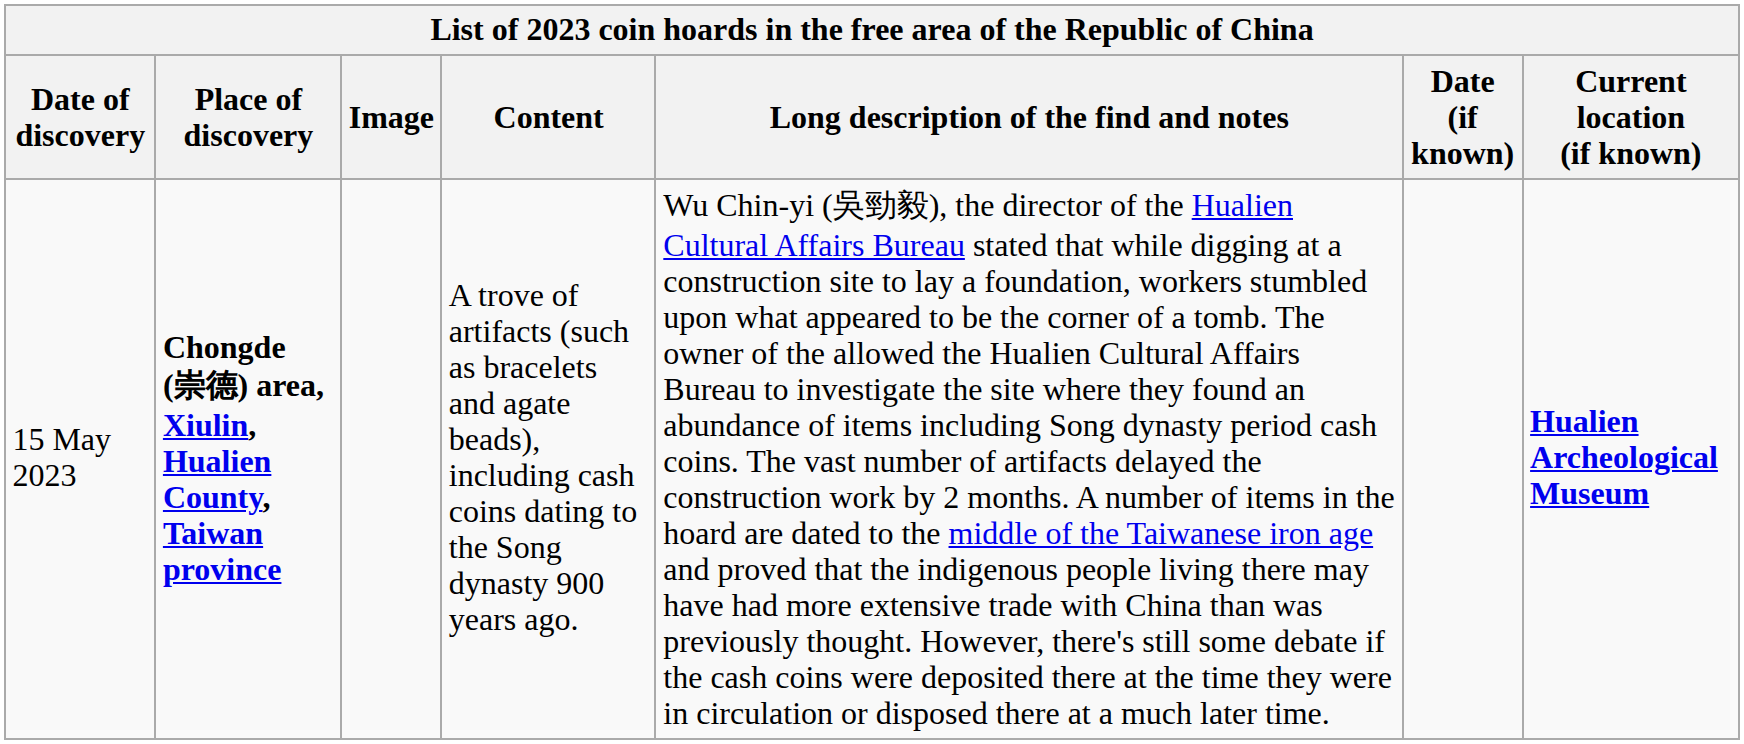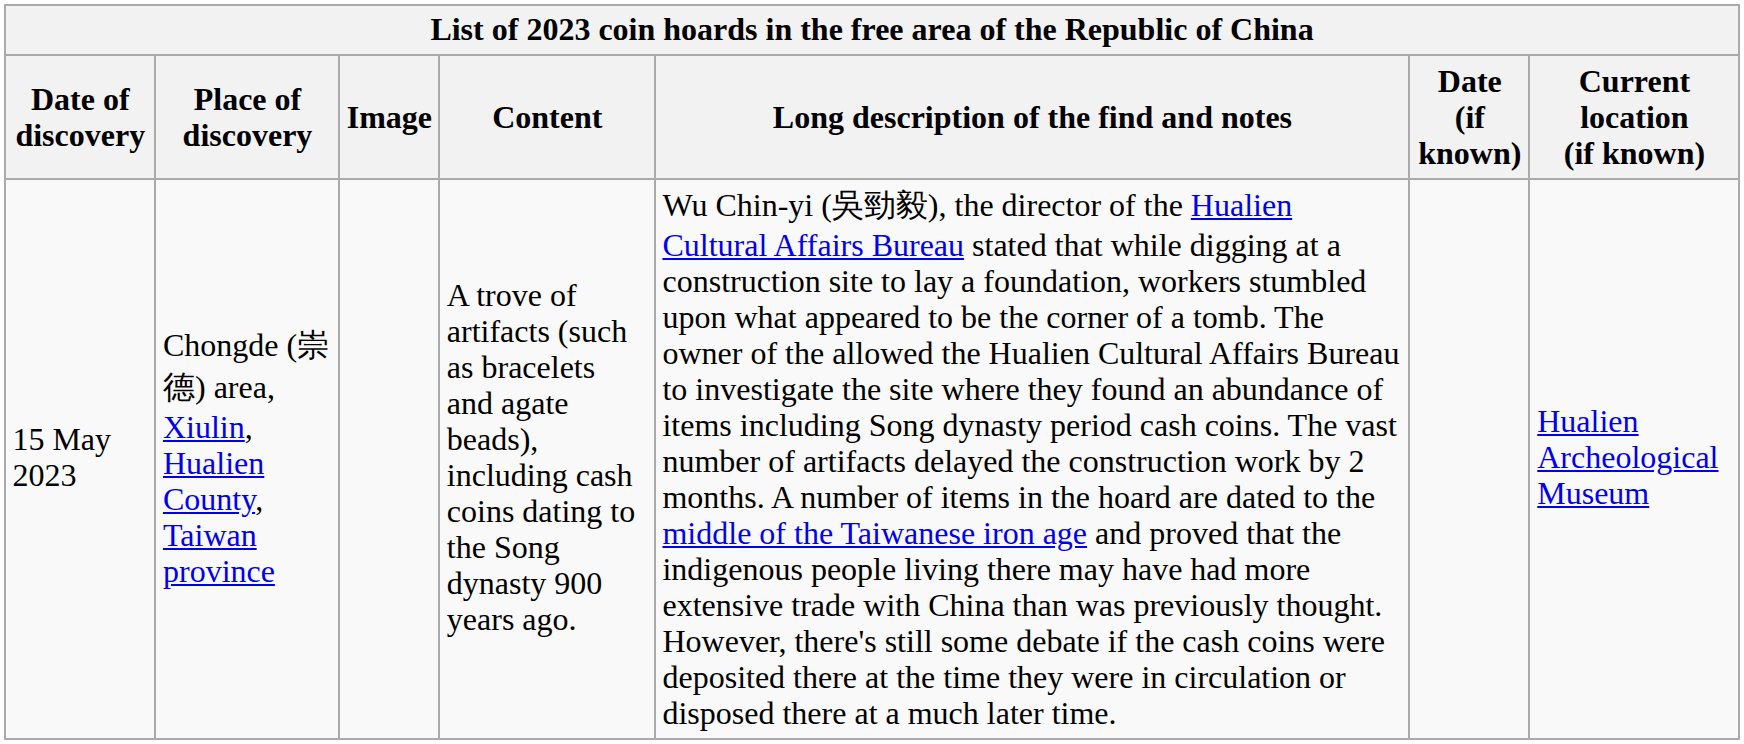 <table class="wikitable" style="font-size: 100%">
 <tr>
 <th colspan=7>List of 2023 coin hoards in the free area of the Republic of China</th>
 </tr>
 <tr>
 <th>Date of discovery</th>
 <th>Place of discovery</th>
 <th>Image</th>
 <th>Content</th>
 <th>Long description of the find and notes</th>
 <th>Date<br>(if known)</th>
 <th>Current location<br>(if known)</th>
 </tr>
 <tr>
 <td>15 May 2023</td>
-<td><strong>Chongde (崇德) area, <a href='#'>Xiulin</a>, <a href='#'>Hualien County</a>, <a href='#'>Taiwan province</a></strong></td>
+<td>Chongde (崇德) area, <a href='#'>Xiulin</a>, <a href='#'>Hualien County</a>, <a href='#'>Taiwan province</a></td>
 <td></td>
 <td>A trove of artifacts (such as bracelets and agate beads), including cash coins dating to the Song dynasty 900 years ago.</td>
 <td>Wu Chin-yi (吳勁毅), the director of the <a href='#'>Hualien Cultural Affairs Bureau</a> stated that while digging at a construction site to lay a foundation, workers stumbled upon what appeared to be the corner of a tomb. The owner of the allowed the Hualien Cultural Affairs Bureau to investigate the site where they found an abundance of items including Song dynasty period cash coins. The vast number of artifacts delayed the construction work by 2 months. A number of items in the hoard are dated to the <a href='#'>middle of the Taiwanese iron age</a> and proved that the indigenous people living there may have had more extensive trade with China than was previously thought. However, there's still some debate if the cash coins were deposited there at the time they were in circulation or disposed there at a much later time.</td>
 <td></td>
-<td><strong><a href='#'>Hualien Archeological Museum</a></strong></td>
+<td><a href='#'>Hualien Archeological Museum</a></td>
 </tr>
 </table>
